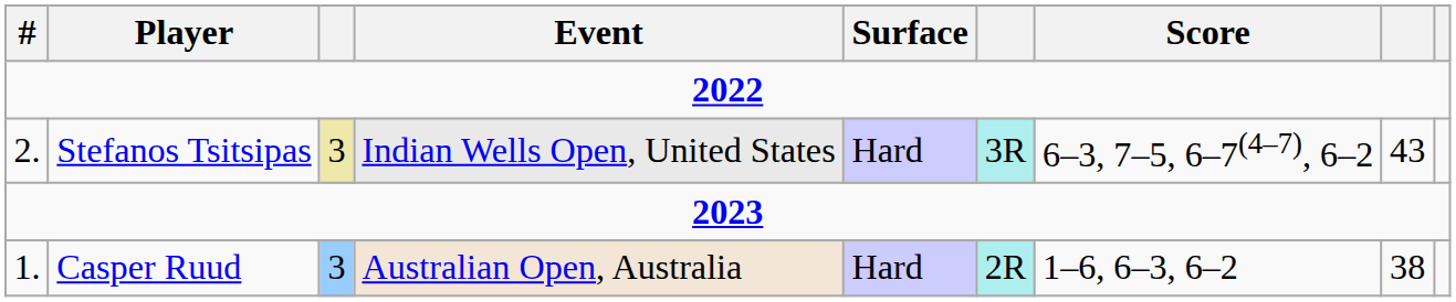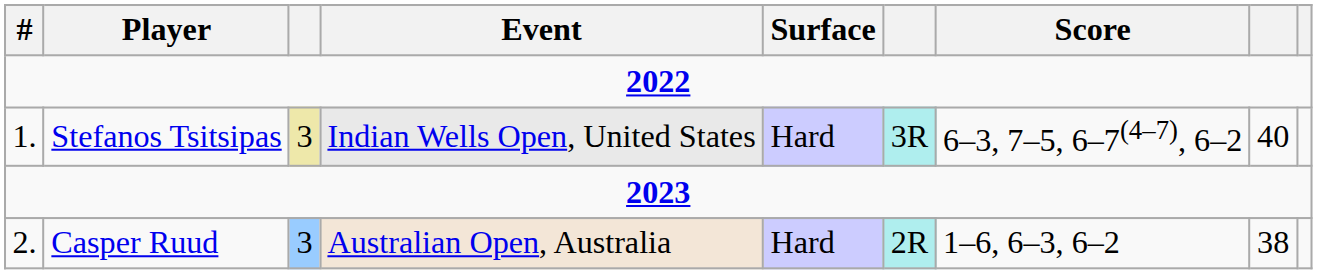 <table class="wikitable sortable">
 <tr>
 <th class="unsortable">#</th>
 <th>Player</th>
 <th></th>
 <th>Event</th>
 <th>Surface</th>
 <th class="unsortable"></th>
 <th class="unsortable">Score</th>
 <th></th>
 <th class="unsortable"></th>
 </tr>
 <tr>
 <td colspan=9 style=text-align:center><strong><a href='#'>2022</a></strong></td>
 </tr>
 <tr>
-<td>2.</td>
+<td>1.</td>
 <td> <a href='#'>Stefanos Tsitsipas</a></td>
 <td align=center bgcolor=eee8aa>3</td>
 <td bgcolor="e9e9e9"><a href='#'>Indian Wells Open</a>, United States</td>
 <td bgcolor=ccccff>Hard</td>
 <td bgcolor=afeeee>3R</td>
 <td>6–3, 7–5, 6–7<sup>(4–7)</sup>, 6–2</td>
-<td align=center>43</td>
+<td align=center>40</td>
 <td></td>
 </tr>
 <tr>
 <td colspan=9 style=text-align:center><strong><a href='#'>2023</a></strong></td>
 </tr>
 <tr>
-<td>1.</td>
+<td>2.</td>
 <td> <a href='#'>Casper Ruud</a></td>
 <td align=center bgcolor=99ccff>3</td>
 <td bgcolor="f3e6d7"><a href='#'>Australian Open</a>, Australia</td>
 <td bgcolor=ccccff>Hard</td>
 <td style="background:#afeeee;">2R</td>
 <td>1–6, 6–3, 6–2</td>
 <td align=center>38</td>
 <td></td>
 </tr>
 </table>
